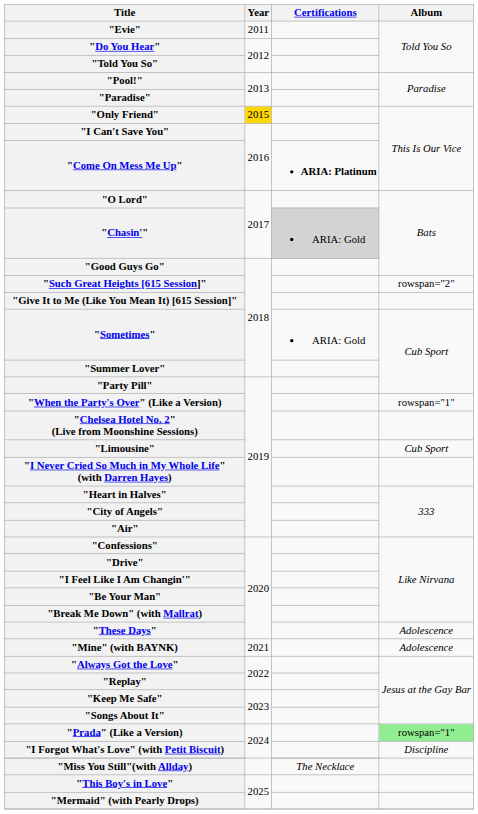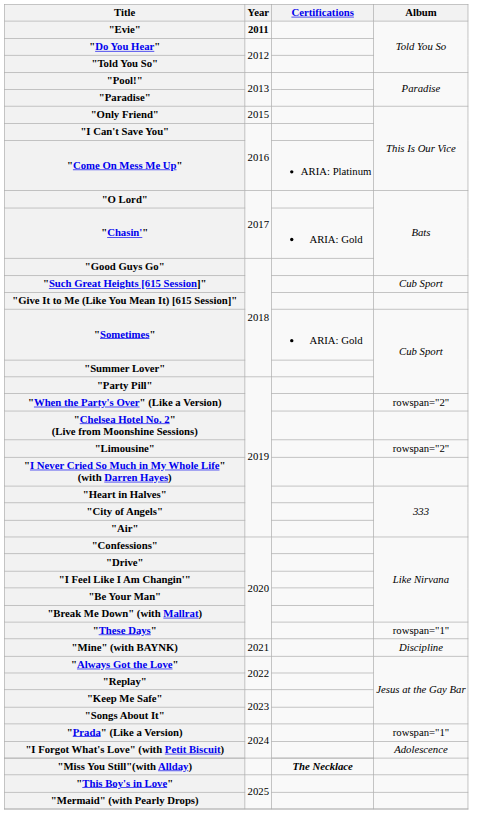 <table class="wikitable plainrowheaders" style="text-align:center;">
 <tr>
 <th scope="col" style="width:22em;">Title</th>
 <th scope="col">Year</th>
 <th scope="col"><a href='#'>Certifications</a></th>
 <th scope="col">Album</th>
 </tr>
 <tr>
 <th scope="row">"Evie"</th>
-<td>2011</td>
+<td><strong>2011</strong></td>
 <td></td>
 <td rowspan="3"><em>Told You So</em></td>
 </tr>
 <tr>
 <th scope="row">"<a href='#'>Do You Hear</a>"</th>
 <td rowspan="2">2012</td>
 <td></td>
 </tr>
 <tr>
 <th scope="row">"Told You So"</th>
 <td></td>
 </tr>
 <tr>
 <th scope="row">"Pool!"</th>
 <td rowspan="2">2013</td>
 <td></td>
 <td rowspan="2"><em>Paradise</em></td>
 </tr>
 <tr>
 <th scope="row">"Paradise"</th>
 </tr>
 <tr>
 <th scope="row">"Only Friend"</th>
-<td style="background: gold;">2015</td>
+<td>2015</td>
 <td></td>
 <td rowspan="3"><em>This Is Our Vice</em></td>
 </tr>
 <tr>
 <th scope="row">"I Can't Save You"</th>
 <td rowspan="2">2016</td>
 <td></td>
 </tr>
 <tr>
 <th scope="row">"<a href='#'>Come On Mess Me Up</a>"</th>
-<td><strong><br><ul><li>ARIA: Platinum</li></ul></strong></td>
+<td><br><ul><li>ARIA: Platinum</li></ul></td>
 </tr>
 <tr>
 <th scope="row">"O Lord"</th>
 <td rowspan="2">2017</td>
 <td></td>
 <td rowspan="3"><em>Bats</em></td>
 </tr>
 <tr>
 <th scope="row">"<a href='#'>Chasin'</a>"</th>
-<td style="background: lightgrey;"><br><ul><li>ARIA: Gold</li></ul></td>
+<td><br><ul><li>ARIA: Gold</li></ul></td>
 </tr>
 <tr>
 <th scope="row">"Good Guys Go"</th>
 <td rowspan="5">2018</td>
 <td></td>
 </tr>
 <tr>
 <th scope="row">"<a href='#'>Such Great Heights [615 Session</a>]"</th>
 <td></td>
-<td>rowspan="2" </td>
+<td><em>Cub Sport</em></td>
 </tr>
 <tr>
 <th scope="row">"Give It to Me (Like You Mean It) [615 Session]"</th>
 <td></td>
 </tr>
 <tr>
 <th scope="row">"<a href='#'>Sometimes</a>"</th>
 <td><br><ul><li>ARIA: Gold</li></ul></td>
 <td rowspan="3"><em>Cub Sport</em></td>
 </tr>
 <tr>
 <th scope="row">"Summer Lover"</th>
 <td></td>
 </tr>
 <tr>
 <th scope="row">"Party Pill"</th>
 <td rowspan="8">2019</td>
 <td></td>
 </tr>
 <tr>
 <th scope="row">"<a href='#'>When the Party's Over</a>" (Like a Version) </th>
 <td></td>
-<td>rowspan="1" </td>
+<td>rowspan="2" </td>
 </tr>
 <tr>
 <th scope="row">"<a href='#'>Chelsea Hotel No. 2</a>" <br> (Live from Moonshine Sessions) </th>
 <td></td>
 </tr>
 <tr>
 <th scope="row">"Limousine"</th>
 <td></td>
-<td><em>Cub Sport</em></td>
+<td>rowspan="2" </td>
 </tr>
 <tr>
 <th scope="row">"<a href='#'>I Never Cried So Much in My Whole Life</a>" <br> (with <a href='#'>Darren Hayes</a>)</th>
 <td></td>
 <td></td>
 </tr>
 <tr>
 <th scope="row">"Heart in Halves" </th>
 <td></td>
 <td rowspan="3"><em>333</em></td>
 </tr>
 <tr>
 <th scope="row">"City of Angels"</th>
 <td></td>
 </tr>
 <tr>
 <th scope="row">"Air"</th>
 <td></td>
 </tr>
 <tr>
 <th scope="row">"Confessions"</th>
 <td rowspan="6">2020</td>
 <td></td>
 <td rowspan="5"><em>Like Nirvana</em></td>
 </tr>
 <tr>
 <th scope="row">"Drive"</th>
 <td></td>
 </tr>
 <tr>
 <th scope="row">"I Feel Like I Am Changin'"</th>
 <td></td>
 </tr>
 <tr>
 <th scope="row">"Be Your Man"</th>
 <td></td>
 </tr>
 <tr>
 <th scope="row">"Break Me Down" (with <a href='#'>Mallrat</a>)</th>
 <td></td>
 </tr>
 <tr>
 <th scope="row">"<a href='#'>These Days</a>"</th>
 <td></td>
-<td><em>Adolescence</em></td>
+<td>rowspan="1" </td>
 </tr>
 <tr>
 <th scope="row">"Mine" (with BAYNK)</th>
 <td>2021</td>
 <td></td>
-<td><em>Adolescence</em></td>
+<td><em>Discipline</em></td>
 </tr>
 <tr>
 <th scope="row">"<a href='#'>Always Got the Love</a>"</th>
 <td rowspan="2">2022</td>
 <td></td>
 <td rowspan="4"><em>Jesus at the Gay Bar</em></td>
 </tr>
 <tr>
 <th scope="row">"Replay"</th>
 <td></td>
 </tr>
 <tr>
 <th scope="row">"Keep Me Safe"</th>
 <td rowspan="2">2023</td>
 <td></td>
 </tr>
 <tr>
 <th scope="row">"Songs About It"</th>
 <td></td>
 </tr>
 <tr>
 <th scope="row">"<a href='#'>Prada</a>" (Like a Version) </th>
 <td rowspan="3">2024</td>
 <td></td>
-<td style="background: lightgreen;">rowspan="1" </td>
+<td>rowspan="1" </td>
 </tr>
 <tr>
 <th scope="row">"I Forgot What's Love" (with <a href='#'>Petit Biscuit</a>)</th>
 <td></td>
-<td><em>Discipline</em></td>
+<td><em>Adolescence</em></td>
 </tr>
 <tr>
 </tr>
 <tr>
 <th scope="row">"Miss You Still"(with <a href='#'>Allday</a>)</th>
 <td></td>
-<td><em>The Necklace</em></td>
+<td><strong><em>The Necklace</em></strong></td>
 </tr>
 <tr>
 <th scope="row">"<a href='#'>This Boy's in Love</a>"</th>
 <td rowspan="2">2025</td>
 <td></td>
 <td></td>
 </tr>
 <tr>
 <th scope="row">"Mermaid" (with Pearly Drops)</th>
 <td></td>
 <td></td>
 </tr>
 <tr>
 </tr>
 </table>
